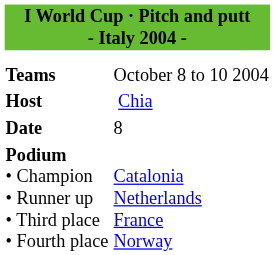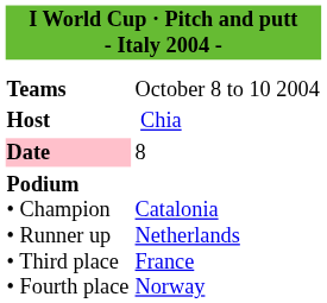 <table class="toccolours" style="float: right; margin: 0 0 1em 1em; font-size: 90%;">
 <tr>
 <td colspan="2" style="background: #66bb33; text-align: center;"><strong>I World Cup · Pitch and putt<br>- Italy 2004 -</strong></td>
 </tr>
 <tr>
 <td colspan="2" style="text-align: center;"></td>
 </tr>
 <tr style="vertical-align:top;">
 <td colspan=2></td>
 </tr>
 <tr style="vertical-align:top;">
 <td><strong>Teams</strong></td>
 <td>October 8 to 10 2004</td>
 </tr>
 <tr style="vertical-align:top;">
 <td><strong>Host</strong></td>
 <td> <a href='#'>Chia</a></td>
 </tr>
 <tr style="vertical-align:top;">
-<td><strong>Date</strong></td>
+<td style="background: pink;"><strong>Date</strong></td>
 <td>8</td>
 </tr>
 <tr style="vertical-align:top;">
 <td><strong>Podium</strong><br>• Champion<br>• Runner up<br>• Third place<br>• Fourth place</td>
 <td><br> <a href='#'>Catalonia</a><br> <a href='#'>Netherlands</a> <br> <a href='#'>France</a><br> <a href='#'>Norway</a></td>
 </tr>
 </table>
